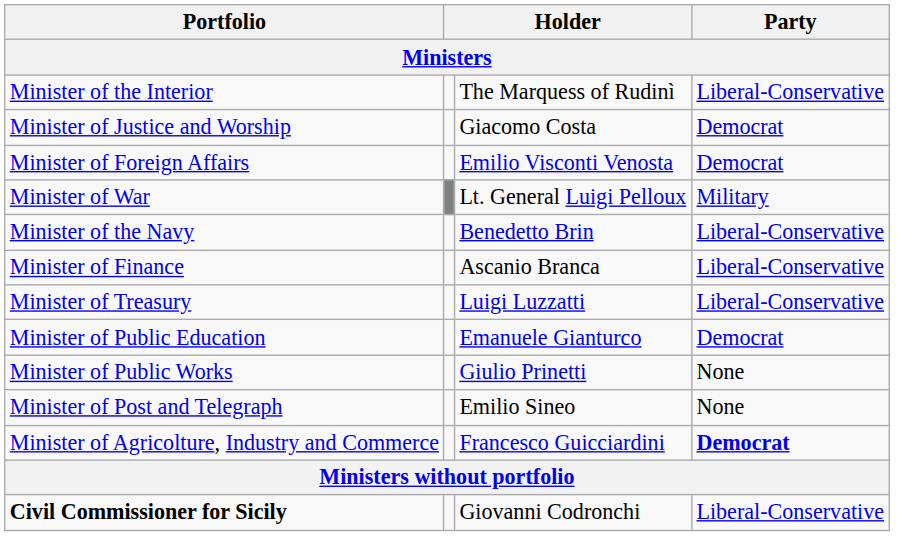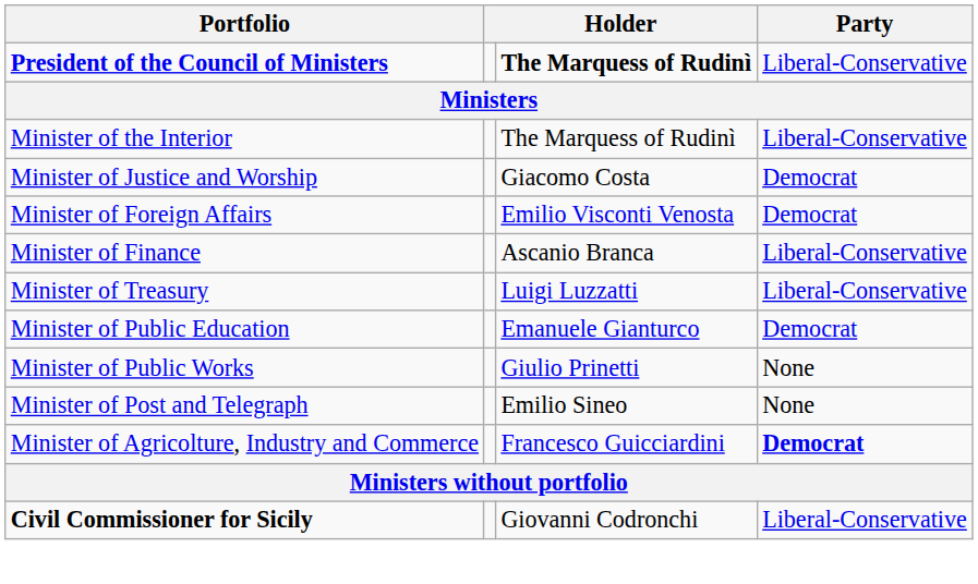 <table class="wikitable">
 <tr>
 <th>Portfolio</th>
 <th colspan=2>Holder</th>
 <th>Party</th>
+</tr>
+<tr>
+<td><strong><a href='#'>President of the Council of Ministers</a></strong></td>
+<td style="background:"></td>
+<td><strong>The Marquess of Rudinì</strong></td>
+<td><a href='#'>Liberal-Conservative</a></td>
 </tr>
 <tr>
 <th colspan=4 align=center><a href='#'>Ministers</a></th>
 </tr>
 <tr>
 <td><a href='#'>Minister of the Interior</a></td>
 <td style="background:"></td>
 <td>The Marquess of Rudinì</td>
 <td><a href='#'>Liberal-Conservative</a></td>
 </tr>
 <tr>
 <td><a href='#'>Minister of Justice and Worship</a></td>
 <td style="background:"></td>
 <td>Giacomo Costa</td>
 <td><a href='#'>Democrat</a></td>
 </tr>
 <tr>
 <td><a href='#'>Minister of Foreign Affairs</a></td>
 <td style="background:"></td>
 <td><a href='#'>Emilio Visconti Venosta</a></td>
 <td><a href='#'>Democrat</a></td>
-</tr>
-<tr>
-<td><a href='#'>Minister of War</a></td>
-<td style="background:#808080;"></td>
-<td>Lt. General <a href='#'>Luigi Pelloux</a></td>
-<td><a href='#'>Military</a></td>
-</tr>
-<tr>
-<td><a href='#'>Minister of the Navy</a></td>
-<td style="background:"></td>
-<td><a href='#'>Benedetto Brin</a></td>
-<td><a href='#'>Liberal-Conservative</a></td>
 </tr>
 <tr>
 <td><a href='#'>Minister of Finance</a></td>
 <td style="background:"></td>
 <td>Ascanio Branca</td>
 <td><a href='#'>Liberal-Conservative</a></td>
 </tr>
 <tr>
 <td><a href='#'>Minister of Treasury</a></td>
 <td style="background:"></td>
 <td><a href='#'>Luigi Luzzatti</a></td>
 <td><a href='#'>Liberal-Conservative</a></td>
 </tr>
 <tr>
 <td><a href='#'>Minister of Public Education</a></td>
 <td style="background:"></td>
 <td><a href='#'>Emanuele Gianturco</a></td>
 <td><a href='#'>Democrat</a></td>
 </tr>
 <tr>
 <td><a href='#'>Minister of Public Works</a></td>
 <td style="background:"></td>
 <td><a href='#'>Giulio Prinetti</a></td>
 <td>None</td>
 </tr>
 <tr>
 <td><a href='#'>Minister of Post and Telegraph</a></td>
 <td style="background:"></td>
 <td>Emilio Sineo</td>
 <td>None</td>
 </tr>
 <tr>
 <td><a href='#'>Minister of Agricolture</a>, <a href='#'>Industry and Commerce</a></td>
 <td style="background:"></td>
 <td><a href='#'>Francesco Guicciardini</a></td>
 <td><strong><a href='#'>Democrat</a></strong></td>
 </tr>
 <tr>
 <th colspan=4 align=center><a href='#'>Ministers without portfolio</a></th>
 </tr>
 <tr>
 <td><strong>Civil Commissioner for Sicily</strong></td>
 <td style="background:"></td>
 <td>Giovanni Codronchi</td>
 <td><a href='#'>Liberal-Conservative</a></td>
 </tr>
 </table>
